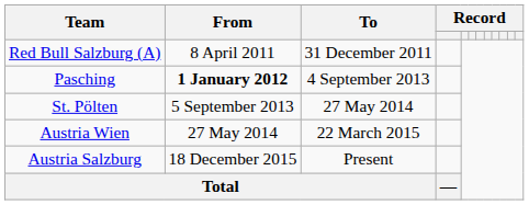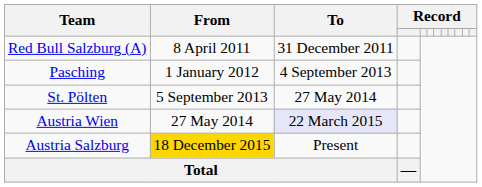 <table class="wikitable" style="text-align: center">
 <tr>
 <th rowspan="2">Team</th>
 <th rowspan="2">From</th>
 <th rowspan="2">To</th>
 <th colspan="9">Record</th>
 </tr>
 <tr>
 <th></th>
 <th></th>
 <th></th>
 <th></th>
 <th></th>
 <th></th>
 <th></th>
 <th></th>
 <th></th>
 </tr>
 <tr>
 <td><a href='#'>Red Bull Salzburg (A)</a></td>
 <td>8 April 2011</td>
 <td>31 December 2011<br></td>
 <td></td>
 </tr>
 <tr>
 <td><a href='#'>Pasching</a></td>
-<td><strong>1 January 2012</strong></td>
+<td>1 January 2012</td>
 <td>4 September 2013<br></td>
 <td></td>
 </tr>
 <tr>
 <td><a href='#'>St. Pölten</a></td>
 <td>5 September 2013</td>
 <td>27 May 2014<br></td>
 <td></td>
 </tr>
 <tr>
 <td><a href='#'>Austria Wien</a></td>
 <td>27 May 2014</td>
-<td>22 March 2015<br></td>
+<td style="background: lavender;">22 March 2015<br></td>
 <td></td>
 </tr>
 <tr>
 <td><a href='#'>Austria Salzburg</a></td>
-<td>18 December 2015</td>
+<td style="background: gold;">18 December 2015</td>
 <td>Present<br></td>
 <td></td>
 </tr>
 <tr>
 <th colspan="3">Total<br></th>
 <th>—</th>
 </tr>
 </table>
